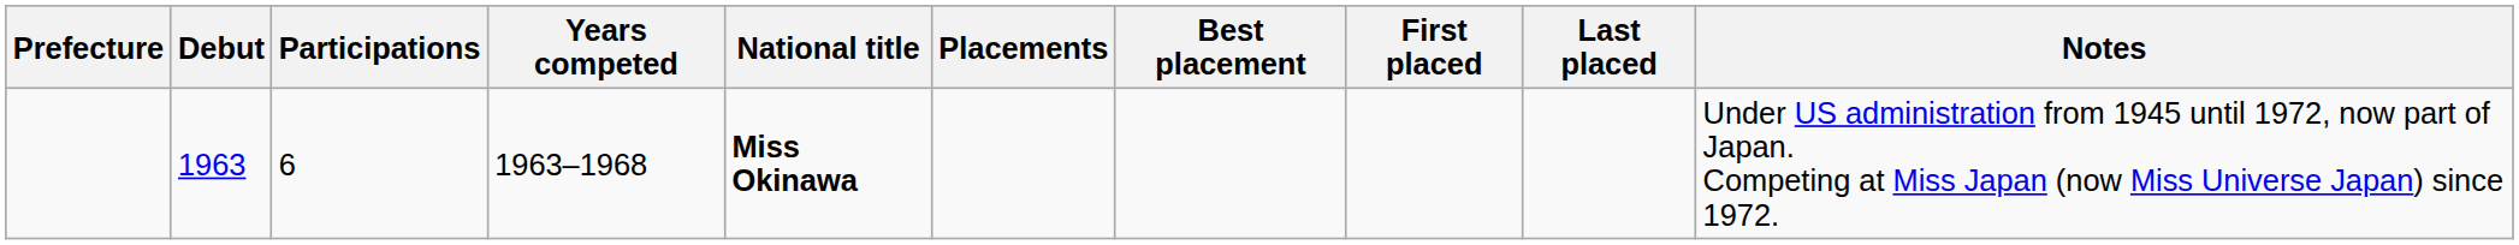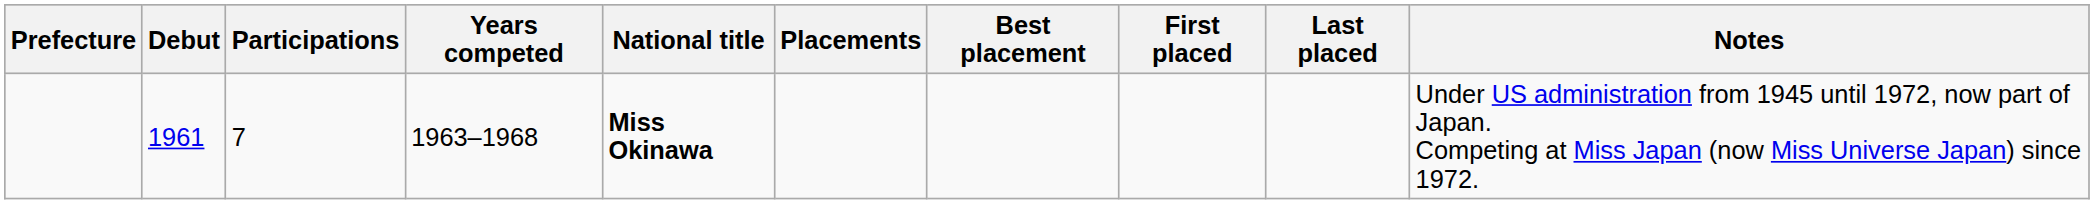 <table class="wikitable" style="font-size: 95%;">
 <tr>
 <th>Prefecture</th>
 <th>Debut</th>
 <th>Participations</th>
 <th>Years competed</th>
 <th>National title</th>
 <th>Placements</th>
 <th>Best placement</th>
 <th>First placed</th>
 <th>Last placed</th>
 <th>Notes</th>
 </tr>
 <tr>
 <td><strong></strong></td>
-<td><a href='#'>1963</a></td>
-<td>6</td>
+<td><a href='#'>1961</a></td>
+<td>7</td>
 <td>1963–1968</td>
 <td><strong>Miss Okinawa</strong></td>
 <td></td>
 <td></td>
 <td></td>
 <td></td>
 <td>Under <a href='#'>US administration</a> from 1945 until 1972, now part of Japan.<br>Competing at <a href='#'>Miss Japan</a> (now <a href='#'>Miss Universe Japan</a>) since 1972.</td>
 </tr>
 </table>
